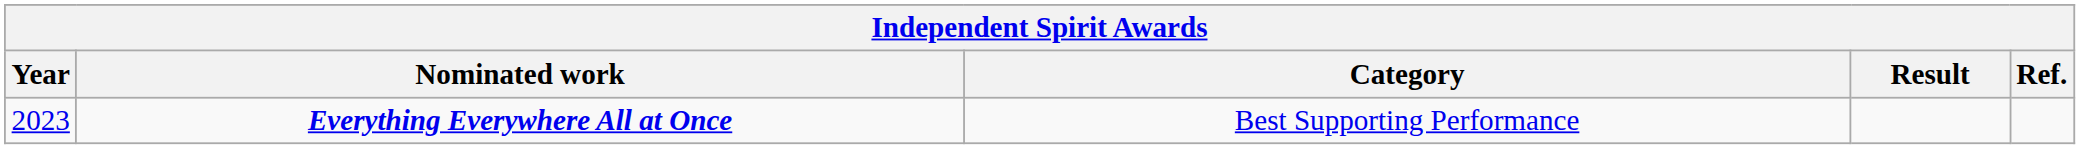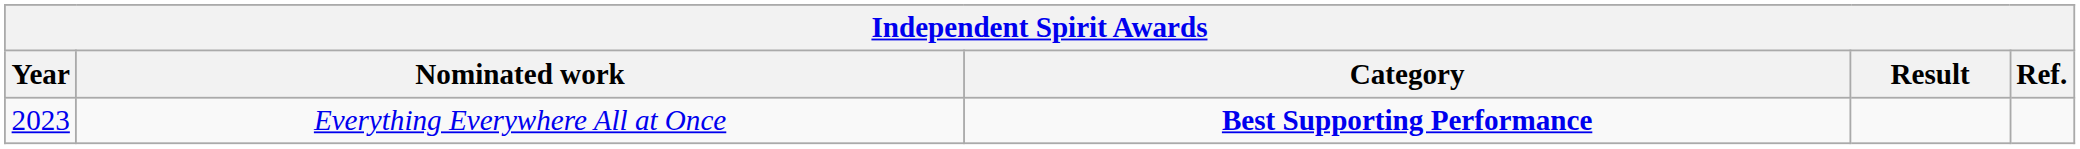 <table class="wikitable">
 <tr>
 <th Colspan=5 align=center><a href='#'>Independent Spirit Awards</a></th>
 </tr>
 <tr>
 <th scope="col" style="width:1em;">Year</th>
 <th scope="col" style="width:30em;">Nominated work</th>
 <th scope="col" style="width:30em;">Category</th>
 <th scope="col" style="width:5em;">Result</th>
 <th scope="col" style="width:1em;">Ref.</th>
 </tr>
 <tr>
 <td align="center"><a href='#'>2023</a></td>
-<td align="center"><strong><em><a href='#'>Everything Everywhere All at Once</a></em></strong></td>
-<td align="center"><a href='#'>Best Supporting Performance</a></td>
+<td align="center"><em><a href='#'>Everything Everywhere All at Once</a></em></td>
+<td align="center"><strong><a href='#'>Best Supporting Performance</a></strong></td>
 <td></td>
 <td align="center"></td>
 </tr>
 </table>
